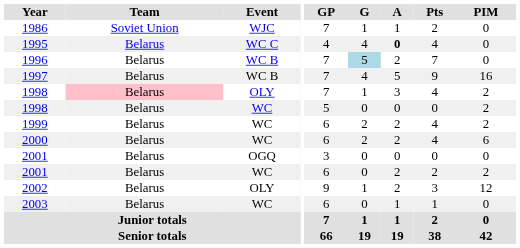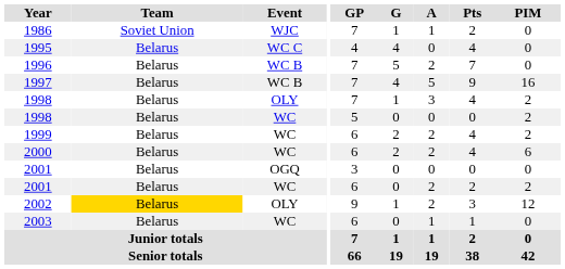 <table border="0" cellpadding="1" cellspacing="0" ID="Table3" style="text-align:center; width:40em">
 <tr bgcolor="#e0e0e0">
 <th>Year</th>
 <th>Team</th>
 <th>Event</th>
 <th rowspan="102" bgcolor="#ffffff"></th>
 <th>GP</th>
 <th>G</th>
 <th>A</th>
 <th>Pts</th>
 <th>PIM</th>
 </tr>
 <tr>
 <td><a href='#'>1986</a></td>
 <td><a href='#'>Soviet Union</a></td>
 <td><a href='#'>WJC</a></td>
 <td>7</td>
 <td>1</td>
 <td>1</td>
 <td>2</td>
 <td>0</td>
 </tr>
 <tr bgcolor="#f0f0f0">
 <td><a href='#'>1995</a></td>
 <td><a href='#'>Belarus</a></td>
 <td><a href='#'>WC C</a></td>
 <td>4</td>
 <td>4</td>
-<td><strong>0</strong></td>
+<td>0</td>
 <td>4</td>
 <td>0</td>
 </tr>
 <tr>
 <td><a href='#'>1996</a></td>
 <td>Belarus</td>
 <td><a href='#'>WC B</a></td>
 <td>7</td>
-<td style="background: lightblue;">5</td>
+<td>5</td>
 <td>2</td>
 <td>7</td>
 <td>0</td>
 </tr>
 <tr bgcolor="#f0f0f0">
 <td><a href='#'>1997</a></td>
 <td>Belarus</td>
 <td>WC B</td>
 <td>7</td>
 <td>4</td>
 <td>5</td>
 <td>9</td>
 <td>16</td>
 </tr>
 <tr>
 <td><a href='#'>1998</a></td>
-<td style="background: pink;">Belarus</td>
+<td>Belarus</td>
 <td><a href='#'>OLY</a></td>
 <td>7</td>
 <td>1</td>
 <td>3</td>
 <td>4</td>
 <td>2</td>
 </tr>
 <tr bgcolor="#f0f0f0">
 <td><a href='#'>1998</a></td>
 <td>Belarus</td>
 <td><a href='#'>WC</a></td>
 <td>5</td>
 <td>0</td>
 <td>0</td>
 <td>0</td>
 <td>2</td>
 </tr>
 <tr>
 <td><a href='#'>1999</a></td>
 <td>Belarus</td>
 <td>WC</td>
 <td>6</td>
 <td>2</td>
 <td>2</td>
 <td>4</td>
 <td>2</td>
 </tr>
 <tr bgcolor="#f0f0f0">
 <td><a href='#'>2000</a></td>
 <td>Belarus</td>
 <td>WC</td>
 <td>6</td>
 <td>2</td>
 <td>2</td>
 <td>4</td>
 <td>6</td>
 </tr>
 <tr>
 <td><a href='#'>2001</a></td>
 <td>Belarus</td>
 <td>OGQ</td>
 <td>3</td>
 <td>0</td>
 <td>0</td>
 <td>0</td>
 <td>0</td>
 </tr>
 <tr bgcolor="#f0f0f0">
 <td><a href='#'>2001</a></td>
 <td>Belarus</td>
 <td>WC</td>
 <td>6</td>
 <td>0</td>
 <td>2</td>
 <td>2</td>
 <td>2</td>
 </tr>
 <tr>
 <td><a href='#'>2002</a></td>
-<td>Belarus</td>
+<td style="background: gold;">Belarus</td>
 <td>OLY</td>
 <td>9</td>
 <td>1</td>
 <td>2</td>
 <td>3</td>
 <td>12</td>
 </tr>
 <tr bgcolor="#f0f0f0">
 <td><a href='#'>2003</a></td>
 <td>Belarus</td>
 <td>WC</td>
 <td>6</td>
 <td>0</td>
 <td>1</td>
 <td>1</td>
 <td>0</td>
 </tr>
 <tr bgcolor="#e0e0e0">
 <th colspan="3">Junior totals</th>
 <th>7</th>
 <th>1</th>
 <th>1</th>
 <th>2</th>
 <th>0</th>
 </tr>
 <tr bgcolor="#e0e0e0">
 <th colspan="3">Senior totals</th>
 <th>66</th>
 <th>19</th>
 <th>19</th>
 <th>38</th>
 <th>42</th>
 </tr>
 </table>
